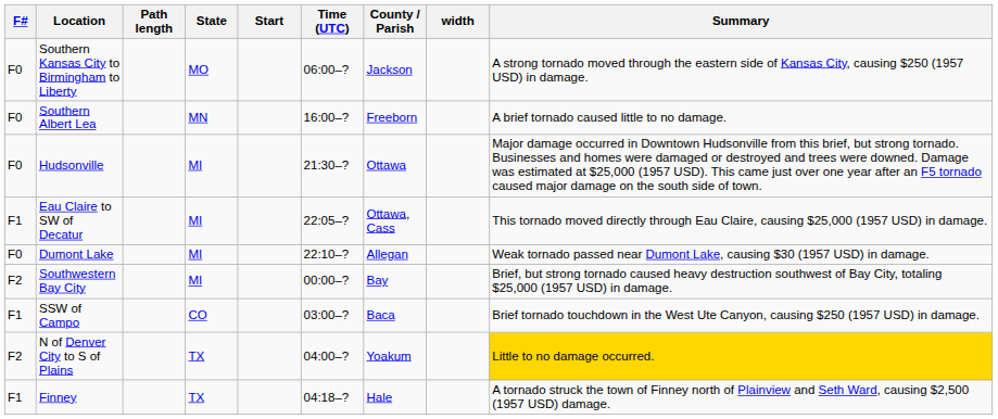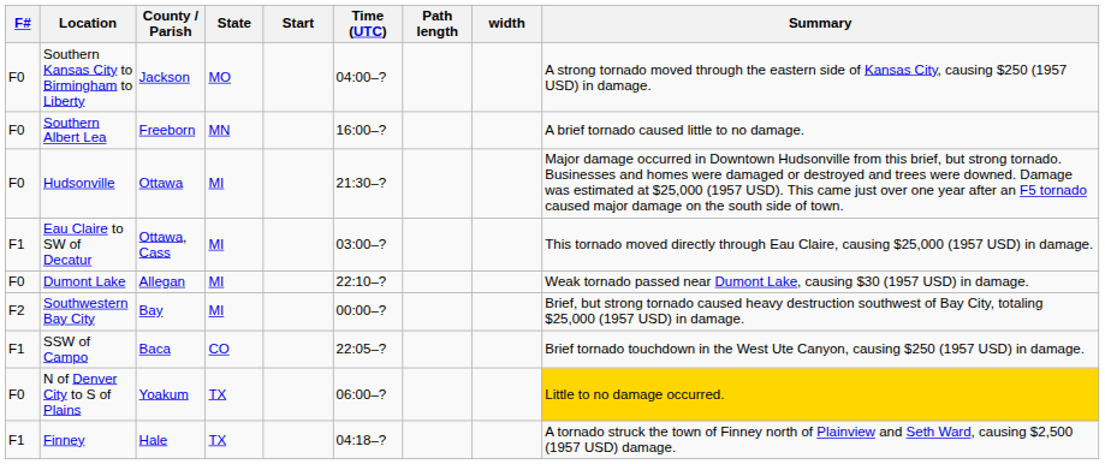 <table class="wikitable sortable" style="width:100%;">
 <tr>
 <th scope="col"  style="width:3%; text-align:center;"><a href='#'>F#</a></th>
 <th scope="col"  style="width:7%; text-align:center;" class="unsortable">Location</th>
-<th scope="col"  style="width:6%; text-align:center;">Path length</th>
+<th scope="col"  style="width:6%; text-align:center;" class="unsortable">County / Parish</th>
 <th scope="col"  style="width:5%; text-align:center;">State</th>
 <th scope="col"  style="width:6%; text-align:center;">Start<br></th>
 <th scope="col"  style="width:6%; text-align:center;">Time (<a href='#'>UTC</a>)</th>
-<th scope="col"  style="width:6%; text-align:center;" class="unsortable">County / Parish</th>
+<th scope="col"  style="width:6%; text-align:center;">Path length</th>
 <th scope="col"  style="width:6%; text-align:center;"> width</th>
 <th scope="col" class="unsortable" style="width:48%; text-align:center;">Summary</th>
 </tr>
 <tr>
 <td>F0</td>
 <td>Southern <a href='#'>Kansas City</a> to <a href='#'>Birmingham</a> to <a href='#'>Liberty</a></td>
-<td></td>
+<td><a href='#'>Jackson</a></td>
 <td><a href='#'>MO</a></td>
 <td></td>
-<td>06:00–?</td>
-<td><a href='#'>Jackson</a></td>
+<td>04:00–?</td>
+<td></td>
 <td></td>
 <td>A strong tornado moved through the eastern side of <a href='#'>Kansas City</a>, causing $250 (1957 USD) in damage.</td>
 </tr>
 <tr>
 <td>F0</td>
 <td><a href='#'>Southern Albert Lea</a></td>
-<td></td>
+<td><a href='#'>Freeborn</a></td>
 <td><a href='#'>MN</a></td>
 <td></td>
 <td>16:00–?</td>
-<td><a href='#'>Freeborn</a></td>
+<td></td>
 <td></td>
 <td>A brief tornado caused little to no damage.</td>
 </tr>
 <tr>
 <td>F0</td>
 <td><a href='#'>Hudsonville</a></td>
-<td></td>
+<td><a href='#'>Ottawa</a></td>
 <td><a href='#'>MI</a></td>
 <td></td>
 <td>21:30–?</td>
-<td><a href='#'>Ottawa</a></td>
+<td></td>
 <td></td>
 <td>Major damage occurred in Downtown Hudsonville from this brief, but strong tornado. Businesses and homes were damaged or destroyed and trees were downed. Damage was estimated at $25,000 (1957 USD). This came just over one year after an <a href='#'>F5 tornado</a> caused major damage on the south side of town.</td>
 </tr>
 <tr>
 <td>F1</td>
 <td><a href='#'>Eau Claire</a> to SW of <a href='#'>Decatur</a></td>
-<td></td>
+<td><a href='#'>Ottawa</a>, <a href='#'>Cass</a></td>
 <td><a href='#'>MI</a></td>
 <td></td>
-<td>22:05–?</td>
-<td><a href='#'>Ottawa</a>, <a href='#'>Cass</a></td>
+<td>03:00–?</td>
+<td></td>
 <td></td>
 <td>This tornado moved directly through Eau Claire, causing $25,000 (1957 USD) in damage.</td>
 </tr>
 <tr>
 <td>F0</td>
 <td><a href='#'>Dumont Lake</a></td>
-<td></td>
+<td><a href='#'>Allegan</a></td>
 <td><a href='#'>MI</a></td>
 <td></td>
 <td>22:10–?</td>
-<td><a href='#'>Allegan</a></td>
+<td></td>
 <td></td>
 <td>Weak tornado passed near <a href='#'>Dumont Lake</a>, causing $30 (1957 USD) in damage.</td>
 </tr>
 <tr>
 <td>F2</td>
 <td><a href='#'>Southwestern Bay City</a></td>
-<td></td>
+<td><a href='#'>Bay</a></td>
 <td><a href='#'>MI</a></td>
 <td></td>
 <td>00:00–?</td>
-<td><a href='#'>Bay</a></td>
+<td></td>
 <td></td>
 <td>Brief, but strong tornado caused heavy destruction southwest of Bay City, totaling $25,000 (1957 USD) in damage.</td>
 </tr>
 <tr>
 <td>F1</td>
 <td>SSW of <a href='#'>Campo</a></td>
-<td></td>
+<td><a href='#'>Baca</a></td>
 <td><a href='#'>CO</a></td>
 <td></td>
-<td>03:00–?</td>
-<td><a href='#'>Baca</a></td>
+<td>22:05–?</td>
+<td></td>
 <td></td>
 <td>Brief tornado touchdown in the West Ute Canyon, causing $250 (1957 USD) in damage.</td>
 </tr>
 <tr>
-<td>F2</td>
+<td>F0</td>
 <td>N of <a href='#'>Denver City</a> to S of <a href='#'>Plains</a></td>
-<td></td>
+<td><a href='#'>Yoakum</a></td>
 <td><a href='#'>TX</a></td>
 <td></td>
-<td>04:00–?</td>
-<td><a href='#'>Yoakum</a></td>
+<td>06:00–?</td>
+<td></td>
 <td></td>
 <td style="background: gold;">Little to no damage occurred.</td>
 </tr>
 <tr>
 <td>F1</td>
 <td><a href='#'>Finney</a></td>
-<td></td>
+<td><a href='#'>Hale</a></td>
 <td><a href='#'>TX</a></td>
 <td></td>
 <td>04:18–?</td>
-<td><a href='#'>Hale</a></td>
+<td></td>
 <td></td>
 <td>A tornado struck the town of Finney north of <a href='#'>Plainview</a> and <a href='#'>Seth Ward</a>, causing $2,500 (1957 USD) damage.</td>
 </tr>
 </table>
